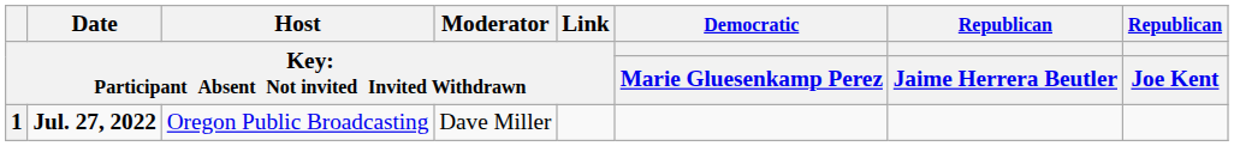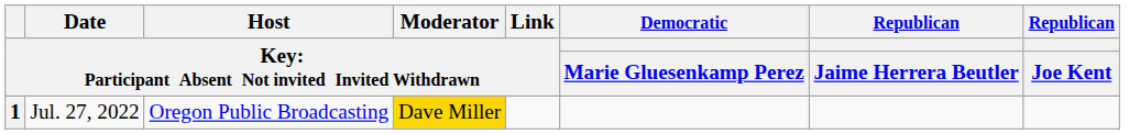 <table class="wikitable" style="text-align:center;">
 <tr>
 <th scope="col"></th>
 <th scope="col">Date</th>
 <th scope="col">Host</th>
 <th scope="col">Moderator</th>
 <th scope="col">Link</th>
 <th scope="col"><small><a href='#'>Democratic</a></small></th>
 <th scope="col"><small><a href='#'>Republican</a></small></th>
 <th scope="col"><small><a href='#'>Republican</a></small></th>
 </tr>
 <tr>
 <th colspan="5" rowspan="2">Key:<br> <small>Participant </small>  <small>Absent </small>  <small>Not invited </small>  <small>Invited  Withdrawn</small></th>
 <th scope="col" style="background:"></th>
 <th scope="col" style="background:"></th>
 <th scope="col" style="background:"></th>
 </tr>
 <tr>
 <th scope="col"><a href='#'>Marie Gluesenkamp Perez</a></th>
 <th scope="col"><a href='#'>Jaime Herrera Beutler</a></th>
 <th scope="col"><a href='#'>Joe Kent</a></th>
 </tr>
 <tr>
 <th>1</th>
-<td style="white-space:nowrap;"><strong>Jul. 27, 2022</strong></td>
+<td style="white-space:nowrap;">Jul. 27, 2022</td>
 <td style="white-space:nowrap;"><a href='#'>Oregon Public Broadcasting</a></td>
-<td style="white-space:nowrap;">Dave Miller</td>
+<td style="background: gold; white-space:nowrap;">Dave Miller</td>
 <td style="white-space:nowrap;"></td>
 <td></td>
 <td></td>
 <td></td>
 </tr>
 </table>
